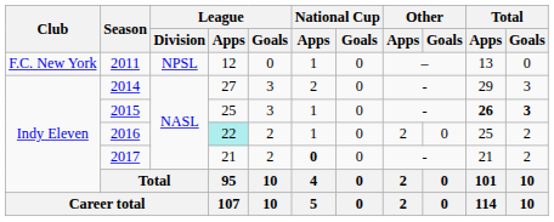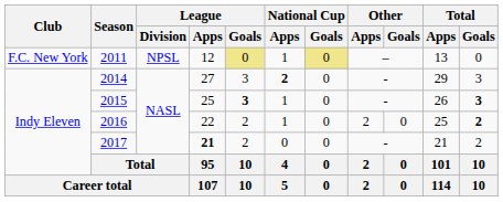 <table class="wikitable" style="text-align: center;">
 <tr>
 <th rowspan="2">Club</th>
 <th rowspan="2">Season</th>
 <th colspan="3">League</th>
 <th colspan="2">National Cup</th>
 <th colspan="2">Other</th>
 <th colspan="2">Total</th>
 </tr>
 <tr>
 <th>Division</th>
 <th>Apps</th>
 <th>Goals</th>
 <th>Apps</th>
 <th>Goals</th>
 <th>Apps</th>
 <th>Goals</th>
 <th>Apps</th>
 <th>Goals</th>
 </tr>
 <tr>
 <td valign="center"><a href='#'>F.C. New York</a></td>
 <td><a href='#'>2011</a></td>
 <td><a href='#'>NPSL</a></td>
 <td>12</td>
-<td>0</td>
+<td style="background: khaki;">0</td>
 <td>1</td>
-<td>0</td>
+<td style="background: khaki;">0</td>
 <td colspan="2">–</td>
 <td>13</td>
 <td>0</td>
 </tr>
 <tr>
 <td rowspan="5" valign="center"><a href='#'>Indy Eleven</a></td>
 <td><a href='#'>2014</a></td>
 <td rowspan="4" valign="center"><a href='#'>NASL</a></td>
 <td>27</td>
 <td>3</td>
-<td>2</td>
+<td><strong>2</strong></td>
 <td>0</td>
 <td colspan="2">-</td>
 <td>29</td>
 <td>3</td>
 </tr>
 <tr>
 <td><a href='#'>2015</a></td>
 <td>25</td>
-<td>3</td>
+<td><strong>3</strong></td>
 <td>1</td>
 <td>0</td>
 <td colspan="2">-</td>
-<td><strong>26</strong></td>
+<td>26</td>
 <td><strong>3</strong></td>
 </tr>
 <tr>
 <td><a href='#'>2016</a></td>
-<td style="background: paleturquoise;">22</td>
+<td>22</td>
 <td>2</td>
 <td>1</td>
 <td>0</td>
 <td>2</td>
 <td>0</td>
 <td>25</td>
-<td>2</td>
+<td><strong>2</strong></td>
 </tr>
 <tr>
 <td><a href='#'>2017</a></td>
-<td>21</td>
+<td><strong>21</strong></td>
 <td>2</td>
-<td><strong>0</strong></td>
+<td>0</td>
 <td>0</td>
 <td colspan="2">-</td>
 <td>21</td>
 <td>2</td>
 </tr>
 <tr>
 <th colspan="2">Total</th>
 <th>95</th>
 <th>10</th>
 <th>4</th>
 <th>0</th>
 <th>2</th>
 <th>0</th>
 <th>101</th>
 <th>10</th>
 </tr>
 <tr>
 <th colspan="3">Career total</th>
 <th>107</th>
 <th>10</th>
 <th>5</th>
 <th>0</th>
 <th>2</th>
 <th>0</th>
 <th>114</th>
 <th>10</th>
 </tr>
 </table>
